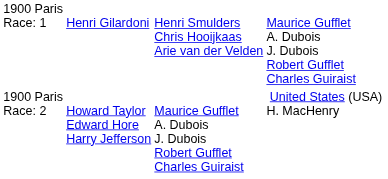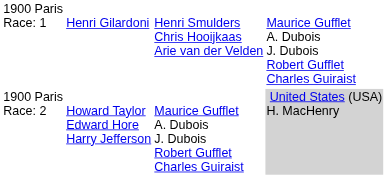 <table>
 <tr valign="top">
 <td style="align:center;">1900 Paris <br>Race: 1<br></td>
 <td><br><a href='#'>Henri Gilardoni</a></td>
 <td><br><a href='#'>Henri Smulders</a><br><a href='#'>Chris Hooijkaas</a><br><a href='#'>Arie van der Velden</a></td>
 <td><br><a href='#'>Maurice Gufflet</a><br>A. Dubois<br>J. Dubois<br><a href='#'>Robert Gufflet</a><br><a href='#'>Charles Guiraist</a></td>
 </tr>
 <tr valign="top">
 <td style="align:center;">1900 Paris <br>Race: 2<br></td>
 <td><br><a href='#'>Howard Taylor</a><br><a href='#'>Edward Hore</a><br><a href='#'>Harry Jefferson</a></td>
 <td><br><a href='#'>Maurice Gufflet</a><br>A. Dubois<br>J. Dubois<br><a href='#'>Robert Gufflet</a><br><a href='#'>Charles Guiraist</a></td>
-<td style="vertical-align:top;"> <a href='#'>United States</a> <span>(USA)</span><br>H. MacHenry</td>
+<td style="background: lightgrey; vertical-align:top;"> <a href='#'>United States</a> <span>(USA)</span><br>H. MacHenry</td>
 </tr>
 </table>
